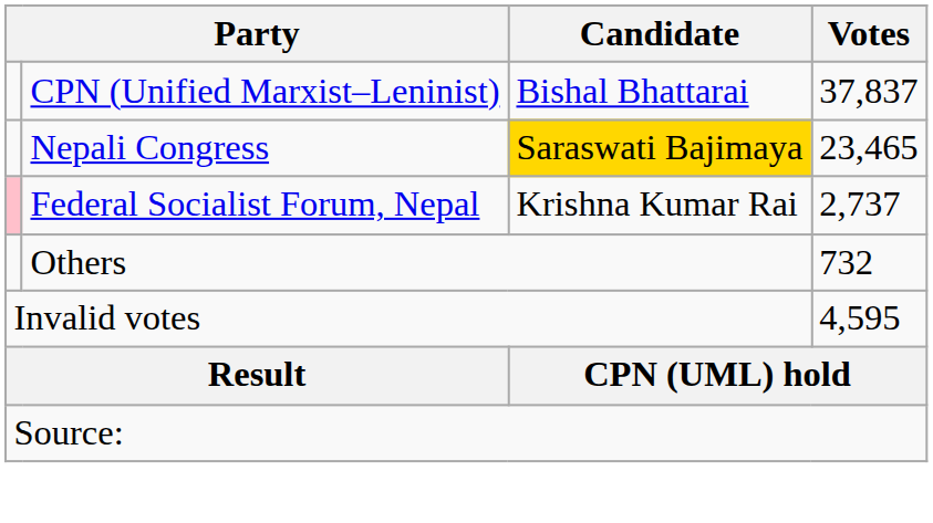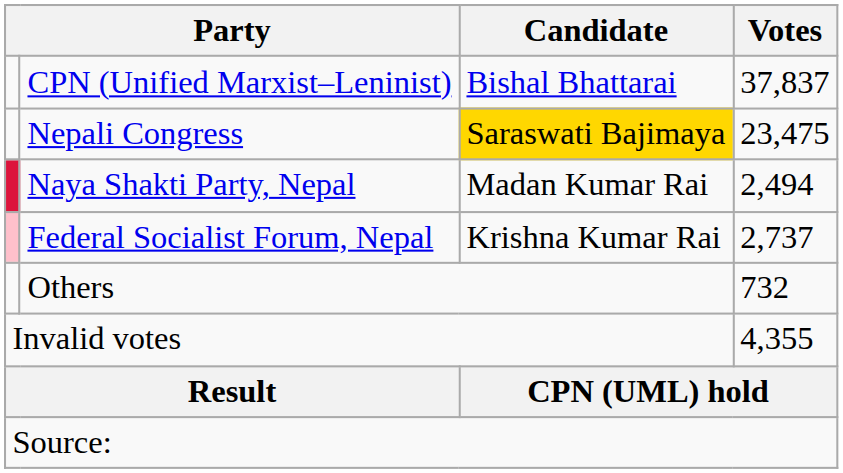 <table class="wikitable">
 <tr>
 <th colspan="2">Party</th>
 <th>Candidate</th>
 <th>Votes</th>
 </tr>
 <tr>
 <td style="background-color:"></td>
 <td><a href='#'>CPN (Unified Marxist–Leninist)</a></td>
 <td><a href='#'>Bishal Bhattarai</a></td>
 <td>37,837</td>
 </tr>
 <tr>
 <td style="background-color:"></td>
 <td><a href='#'>Nepali Congress</a></td>
 <td style="background: gold;">Saraswati Bajimaya</td>
-<td>23,465</td>
+<td>23,475</td>
+</tr>
+<tr>
+<td style="background-color:crimson"></td>
+<td><a href='#'>Naya Shakti Party, Nepal</a></td>
+<td>Madan Kumar Rai</td>
+<td>2,494</td>
 </tr>
 <tr>
 <td style="background-color:#ffc0cb"></td>
 <td><a href='#'>Federal Socialist Forum, Nepal</a></td>
 <td>Krishna Kumar Rai</td>
 <td>2,737</td>
 </tr>
 <tr>
 <td></td>
 <td colspan="2">Others</td>
 <td>732</td>
 </tr>
 <tr>
 <td colspan="3">Invalid votes</td>
-<td>4,595</td>
+<td>4,355</td>
 </tr>
 <tr>
 <th colspan="2">Result</th>
 <th colspan="2">CPN (UML) hold</th>
 </tr>
 <tr>
 <td colspan="4">Source: </td>
 </tr>
 </table>
